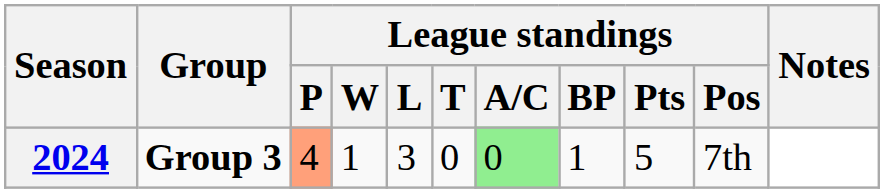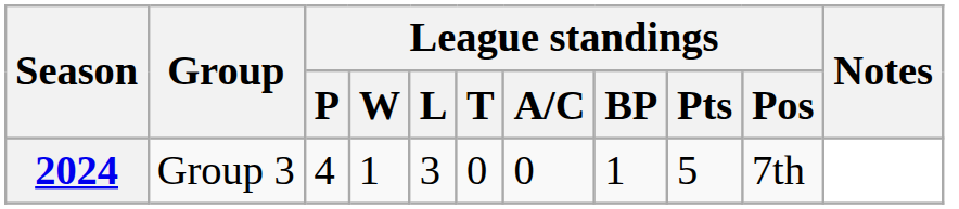 <table class="wikitable sortable">
 <tr>
 <th scope="col" rowspan="2">Season</th>
 <th scope="col" rowspan="2">Group</th>
 <th scope="col" colspan="8">League standings</th>
 <th scope="col" rowspan="2">Notes</th>
 </tr>
 <tr>
 <th scope="col">P</th>
 <th scope="col">W</th>
 <th scope="col">L</th>
 <th scope="col">T</th>
 <th scope="col">A/C</th>
 <th scope="col">BP</th>
 <th scope="col">Pts</th>
 <th scope="col">Pos</th>
 </tr>
 <tr>
 <th scope="row"><a href='#'>2024</a></th>
-<td><strong>Group 3</strong></td>
-<td style="background: lightsalmon;">4</td>
+<td>Group 3</td>
+<td>4</td>
 <td>1</td>
 <td>3</td>
 <td>0</td>
-<td style="background: lightgreen;">0</td>
+<td>0</td>
 <td>1</td>
 <td>5</td>
 <td>7th</td>
 <td style="background: white;"></td>
 </tr>
 </table>
